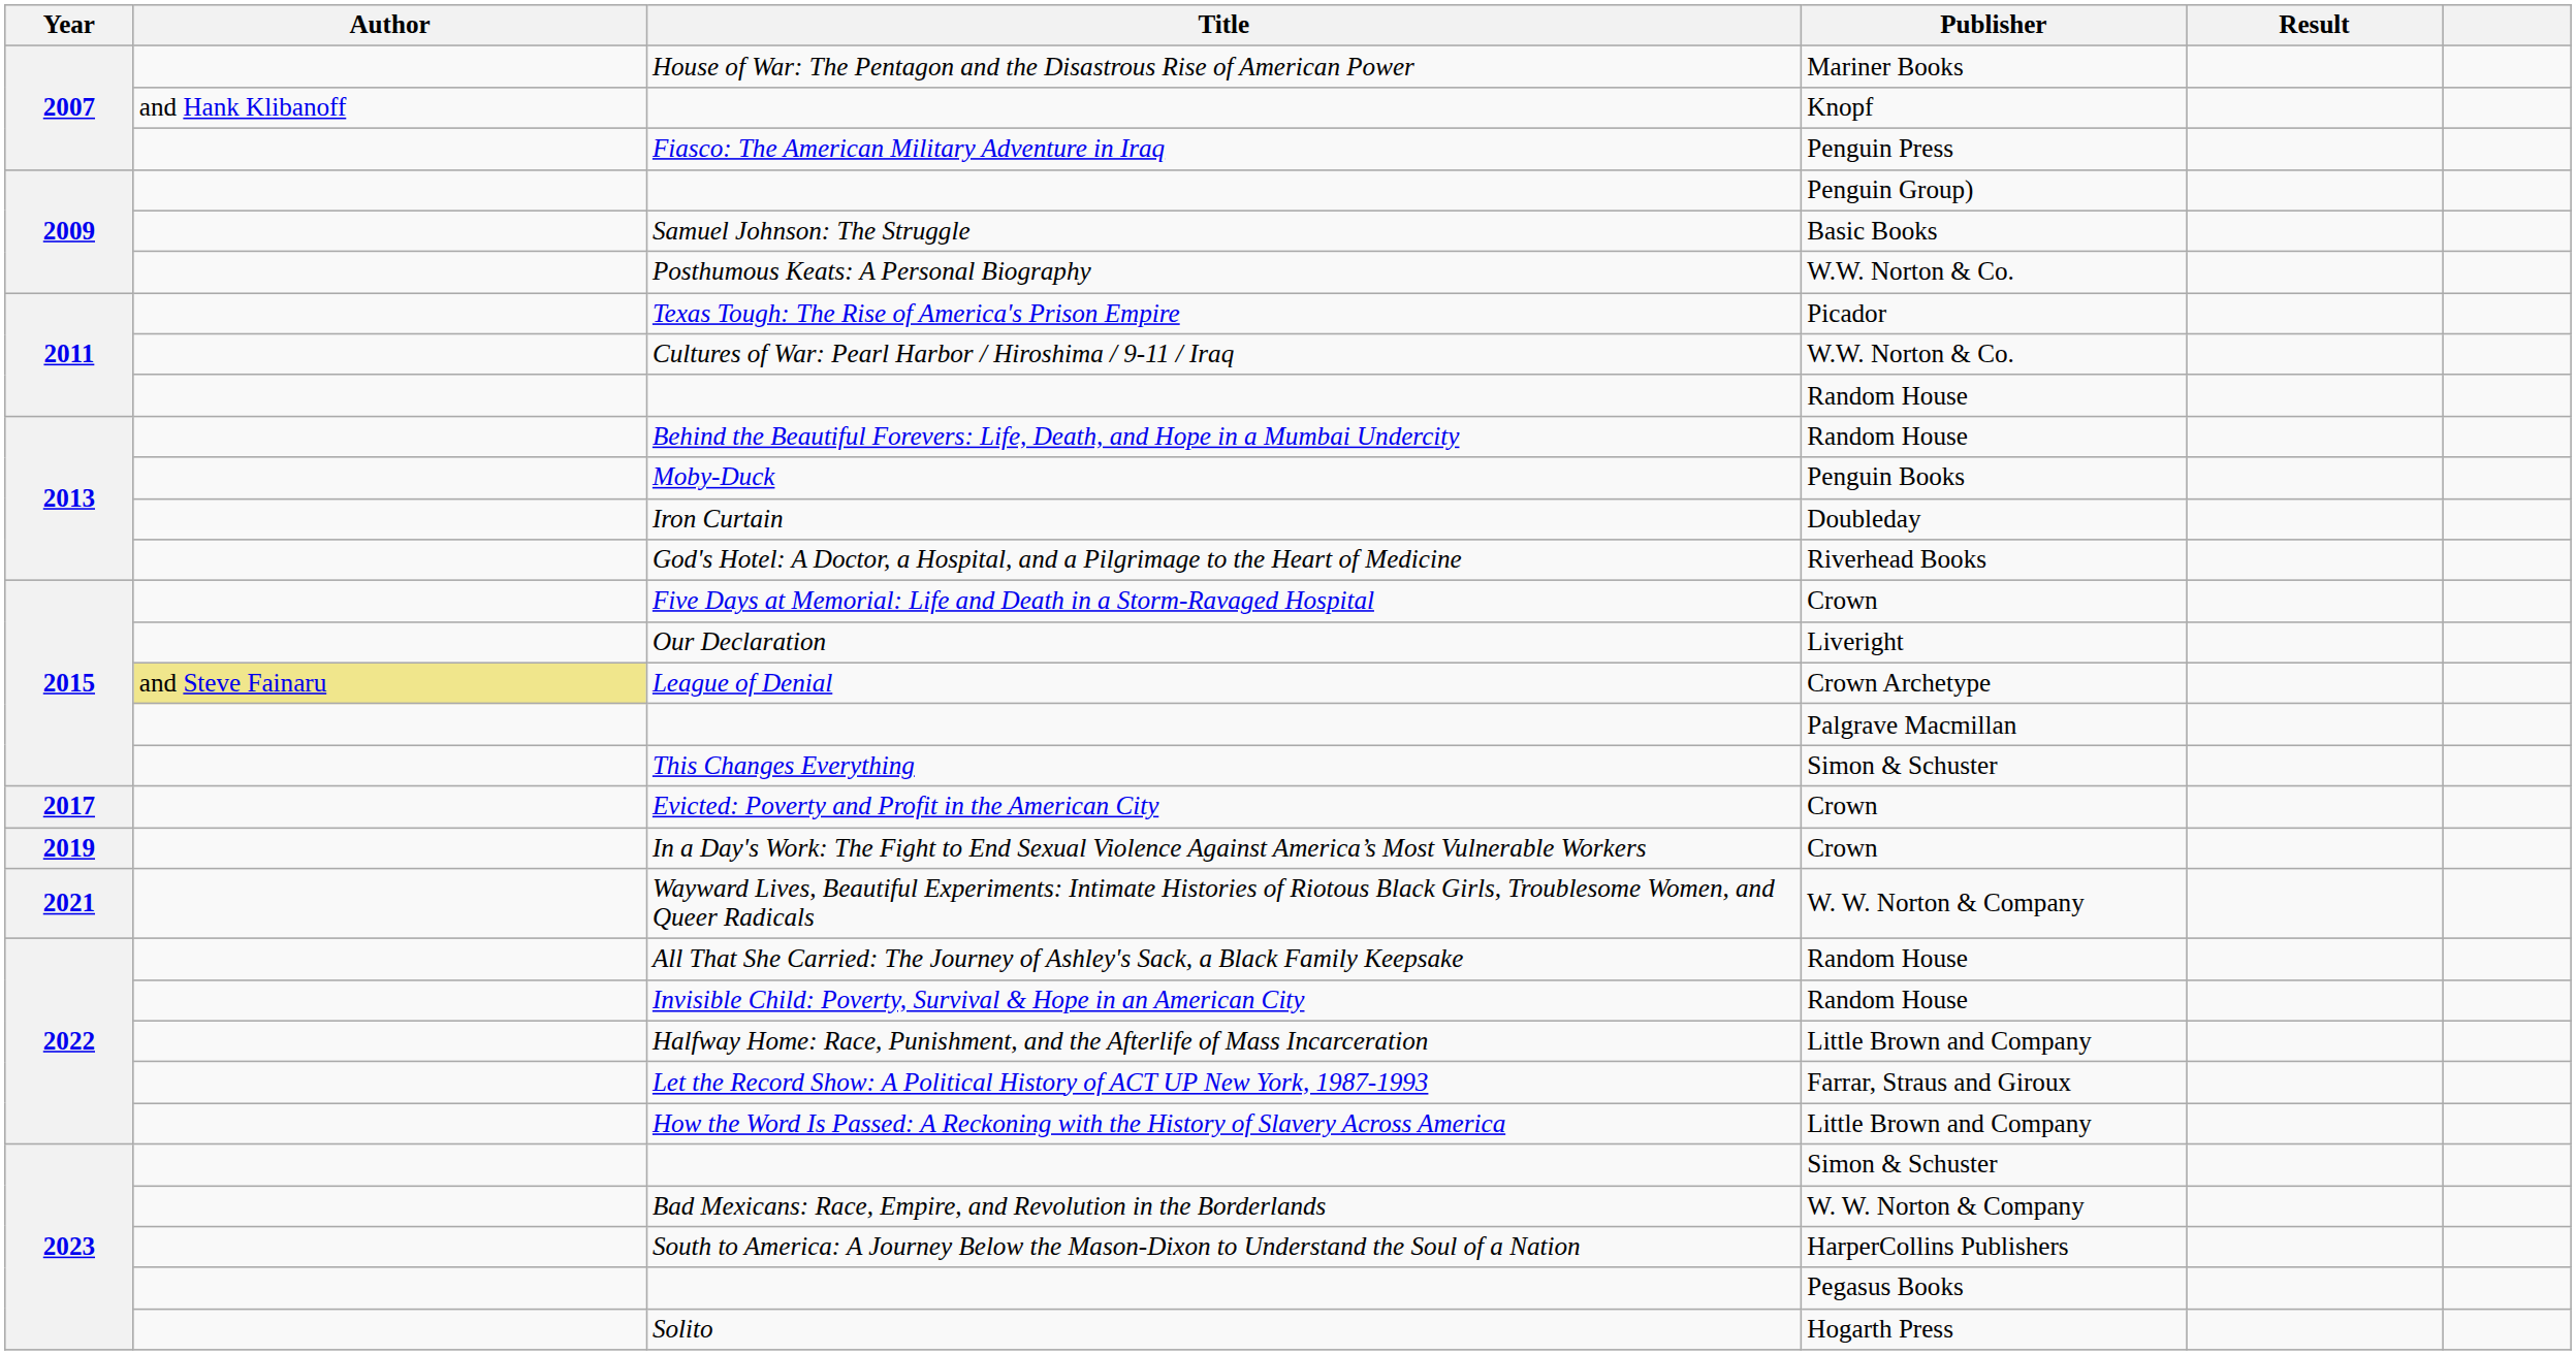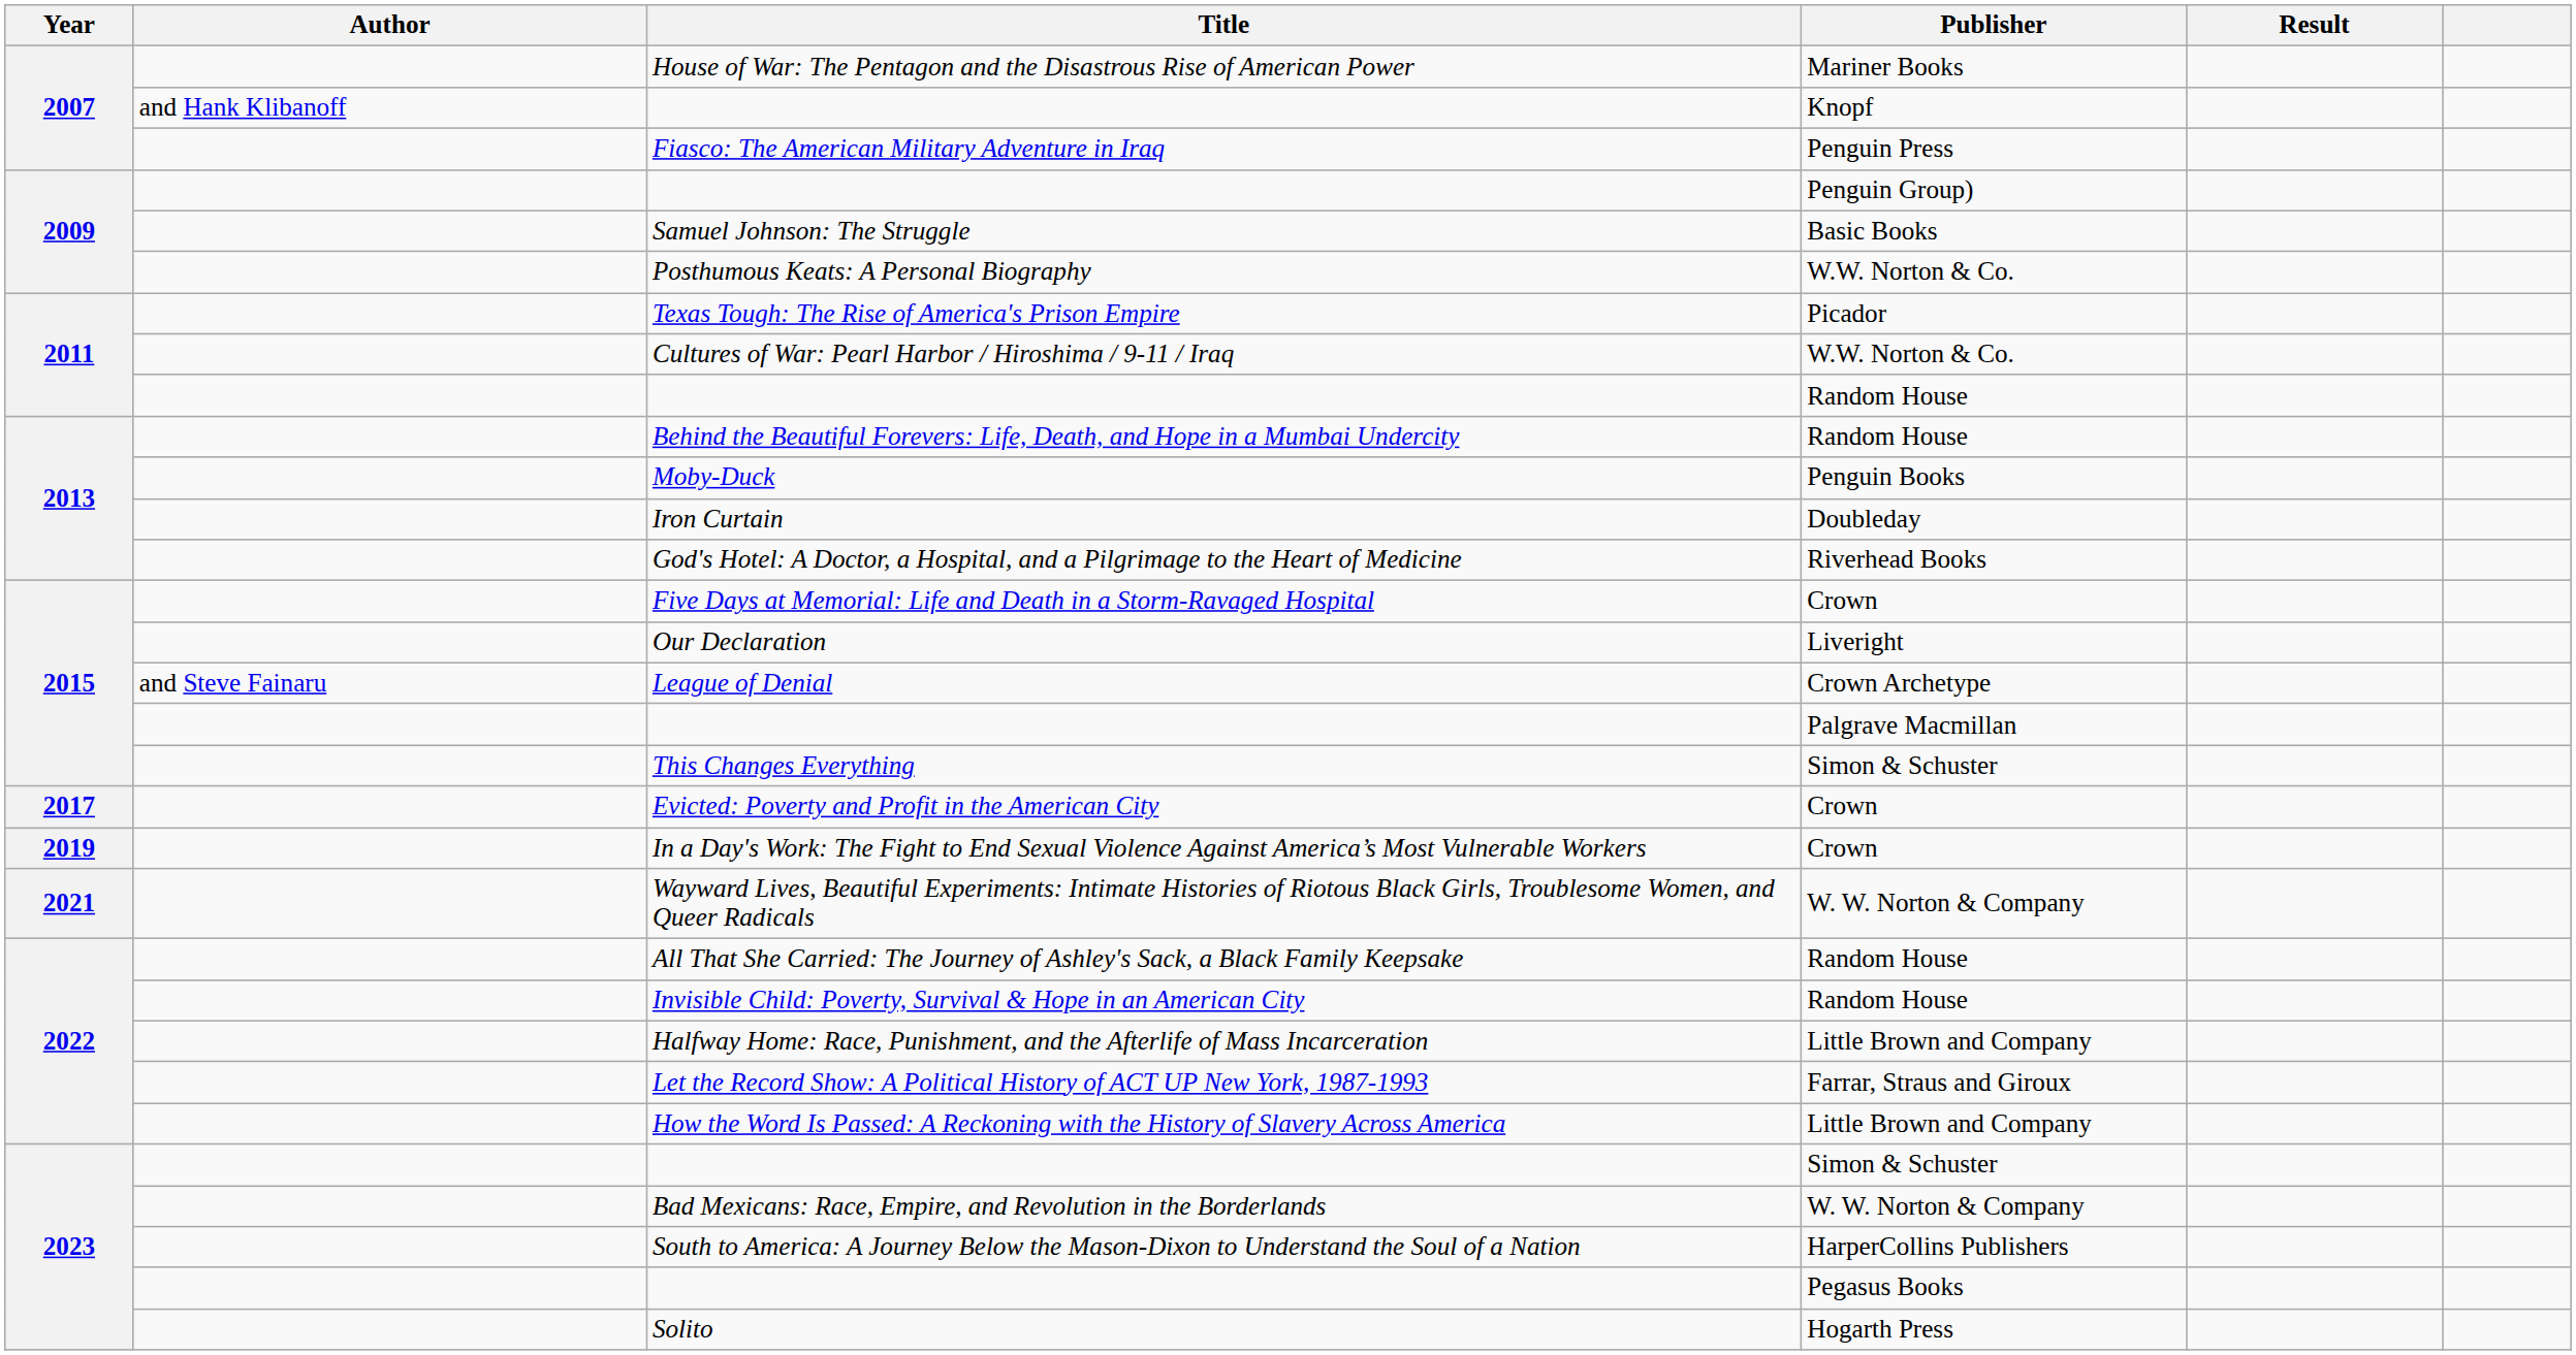 <table class="wikitable sortable mw-collapsible" style="width:100%">
 <tr>
 <th scope="col" width="5%">Year</th>
 <th scope="col" width="20%">Author</th>
 <th scope="col" width="45%">Title</th>
 <th scope="col" width="15%">Publisher</th>
 <th scope="col" width="10%">Result</th>
 <th scope="col" width="5%"></th>
 </tr>
 <tr>
 <th rowspan="3"><a href='#'>2007</a></th>
 <td></td>
 <td><em>House of War: The Pentagon and the Disastrous Rise of American Power</em></td>
 <td>Mariner Books</td>
 <td></td>
 <td></td>
 </tr>
 <tr>
 <td>  and <a href='#'>Hank Klibanoff</a></td>
 <td></td>
 <td>Knopf</td>
 <td></td>
 <td></td>
 </tr>
 <tr>
 <td></td>
 <td><em><a href='#'>Fiasco: The American Military Adventure in Iraq</a></em></td>
 <td>Penguin Press</td>
 <td></td>
 <td></td>
 </tr>
 <tr>
 <th rowspan="3"><a href='#'>2009</a></th>
 <td></td>
 <td><em></em></td>
 <td>Penguin Group)</td>
 <td></td>
 <td></td>
 </tr>
 <tr>
 <td></td>
 <td><em>Samuel Johnson: The Struggle</em></td>
 <td>Basic Books</td>
 <td></td>
 <td></td>
 </tr>
 <tr>
 <td></td>
 <td><em>Posthumous Keats: A Personal Biography</em></td>
 <td>W.W. Norton & Co.</td>
 <td></td>
 <td></td>
 </tr>
 <tr>
 <th rowspan="3"><a href='#'>2011</a></th>
 <td></td>
 <td><em><a href='#'>Texas Tough: The Rise of America's Prison Empire</a></em></td>
 <td>Picador</td>
 <td></td>
 <td></td>
 </tr>
 <tr>
 <td></td>
 <td><em>Cultures of War: Pearl Harbor / Hiroshima / 9-11 / Iraq</em></td>
 <td>W.W. Norton & Co.</td>
 <td></td>
 <td></td>
 </tr>
 <tr>
 <td></td>
 <td></td>
 <td>Random House</td>
 <td></td>
 <td></td>
 </tr>
 <tr>
 <th rowspan="4"><a href='#'>2013</a></th>
 <td></td>
 <td><em><a href='#'>Behind the Beautiful Forevers: Life, Death, and Hope in a Mumbai Undercity</a></em></td>
 <td>Random House</td>
 <td></td>
 <td></td>
 </tr>
 <tr>
 <td></td>
 <td><em><a href='#'>Moby-Duck</a></em></td>
 <td>Penguin Books</td>
 <td></td>
 <td></td>
 </tr>
 <tr>
 <td></td>
 <td><em>Iron Curtain</em></td>
 <td>Doubleday</td>
 <td></td>
 <td></td>
 </tr>
 <tr>
 <td></td>
 <td><em>God's Hotel: A Doctor, a Hospital, and a Pilgrimage to the Heart of Medicine</em></td>
 <td>Riverhead Books</td>
 <td></td>
 <td></td>
 </tr>
 <tr>
 <th rowspan="5"><a href='#'>2015</a></th>
 <td></td>
 <td><em><a href='#'>Five Days at Memorial: Life and Death in a Storm-Ravaged Hospital</a></em></td>
 <td>Crown</td>
 <td></td>
 <td></td>
 </tr>
 <tr>
 <td></td>
 <td><em>Our Declaration</em></td>
 <td>Liveright</td>
 <td></td>
 <td></td>
 </tr>
 <tr>
-<td style="background: khaki;"> and <a href='#'>Steve Fainaru</a></td>
+<td> and <a href='#'>Steve Fainaru</a></td>
 <td><em><a href='#'>League of Denial</a></em></td>
 <td>Crown Archetype</td>
 <td></td>
 <td></td>
 </tr>
 <tr>
 <td></td>
 <td><em></em></td>
 <td>Palgrave Macmillan</td>
 <td></td>
 <td></td>
 </tr>
 <tr>
 <td></td>
 <td><em><a href='#'>This Changes Everything</a></em></td>
 <td>Simon & Schuster</td>
 <td></td>
 <td></td>
 </tr>
 <tr>
 <th><a href='#'>2017</a></th>
 <td></td>
 <td><em><a href='#'>Evicted: Poverty and Profit in the American City</a></em></td>
 <td>Crown</td>
 <td></td>
 <td></td>
 </tr>
 <tr>
 <th><a href='#'>2019</a></th>
 <td></td>
 <td><em>In a Day's Work: The Fight to End Sexual Violence Against America’s Most Vulnerable Workers</em></td>
 <td>Crown</td>
 <td></td>
 <td></td>
 </tr>
 <tr>
 <th><a href='#'>2021</a></th>
 <td></td>
 <td><em>Wayward Lives, Beautiful Experiments: Intimate Histories of Riotous Black Girls, Troublesome Women, and Queer Radicals</em></td>
 <td>W. W. Norton & Company</td>
 <td></td>
 <td></td>
 </tr>
 <tr>
 <th rowspan="5"><a href='#'>2022</a></th>
 <td></td>
 <td><em>All That She Carried: The Journey of Ashley's Sack, a Black Family Keepsake</em></td>
 <td>Random House</td>
 <td></td>
 <td></td>
 </tr>
 <tr>
 <td></td>
 <td><em><a href='#'>Invisible Child: Poverty, Survival & Hope in an American City</a></em></td>
 <td>Random House</td>
 <td></td>
 <td></td>
 </tr>
 <tr>
 <td></td>
 <td><em>Halfway Home: Race, Punishment, and the Afterlife of Mass Incarceration</em></td>
 <td>Little Brown and Company</td>
 <td></td>
 <td></td>
 </tr>
 <tr>
 <td></td>
 <td><em><a href='#'>Let the Record Show: A Political History of ACT UP New York, 1987-1993</a></em></td>
 <td>Farrar, Straus and Giroux</td>
 <td></td>
 <td></td>
 </tr>
 <tr>
 <td></td>
 <td><em><a href='#'>How the Word Is Passed: A Reckoning with the History of Slavery Across America</a></em></td>
 <td>Little Brown and Company</td>
 <td></td>
 <td></td>
 </tr>
 <tr>
 <th rowspan="5"><a href='#'>2023</a></th>
 <td></td>
 <td><em></em></td>
 <td>Simon & Schuster</td>
 <td></td>
 <td></td>
 </tr>
 <tr>
 <td></td>
 <td><em>Bad Mexicans: Race, Empire, and Revolution in the Borderlands</em></td>
 <td>W. W. Norton & Company</td>
 <td></td>
 <td></td>
 </tr>
 <tr>
 <td></td>
 <td><em>South to America: A Journey Below the Mason-Dixon to Understand the Soul of a Nation</em></td>
 <td>HarperCollins Publishers</td>
 <td></td>
 <td></td>
 </tr>
 <tr>
 <td></td>
 <td></td>
 <td>Pegasus Books</td>
 <td></td>
 <td></td>
 </tr>
 <tr>
 <td></td>
 <td><em>Solito</em></td>
 <td>Hogarth Press</td>
 <td></td>
 <td></td>
 </tr>
 </table>
